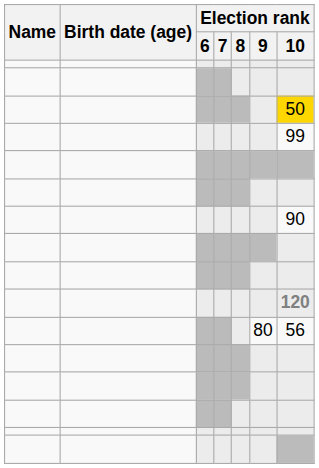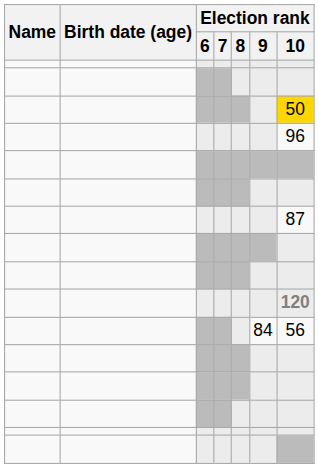 <table class="wikitable sortable"  style="text-align:center;">
 <tr>
 <th rowspan="2">Name</th>
 <th rowspan="2">Birth date (age)</th>
 <th colspan="5" class="unsortable">Election rank</th>
 </tr>
 <tr>
 <th data-sort-type="number">6</th>
 <th data-sort-type="number">7</th>
 <th data-sort-type="number">8</th>
 <th data-sort-type="number">9</th>
 <th data-sort-type="number">10</th>
 </tr>
 <tr>
 <td style="text-align:left;" data-sort-value="Aramaki, Misaki"></td>
 <td style="text-align:left;"></td>
 <td style="background:#ececec; color:gray;"></td>
 <td style="background:#ececec; color:gray;"></td>
 <td style="background:#ececec; color:gray;"></td>
 <td style="background:#ececec; color:gray;"></td>
 <td style="background:#ececec; color:gray;"></td>
 </tr>
 <tr>
 <td style="text-align:left;" data-sort-value="Imamura, Maria"></td>
 <td style="text-align:left;"></td>
 <td style="background:#bbb;"> </td>
 <td style="background:#bbb;"> </td>
 <td style="background:#ececec; color:gray;"></td>
 <td style="background:#ececec; color:gray;"></td>
 <td style="background:#ececec; color:gray;"></td>
 </tr>
 <tr>
 <td style="text-align:left;" data-sort-value="Oda, Ayaka"></td>
 <td style="text-align:left;"></td>
 <td style="background:#bbb;"> </td>
 <td style="background:#bbb;"> </td>
 <td style="background:#bbb;"> </td>
 <td style="background:#ececec; color:gray;"></td>
 <td style="background: gold;">50</td>
 </tr>
 <tr>
 <td style="text-align:left;" data-sort-value="Kurihara, Sae"></td>
 <td style="text-align:left;"></td>
 <td style="background:#ececec; color:gray;"></td>
 <td style="background:#ececec; color:gray;"></td>
 <td style="background:#ececec; color:gray;"></td>
 <td style="background:#ececec; color:gray;"></td>
-<td>99</td>
+<td>96</td>
 </tr>
 <tr>
 <td style="text-align:left;" data-sort-value="Goto, Hinano"></td>
 <td style="text-align:left;"></td>
 <td style="background:#bbb;"> </td>
 <td style="background:#bbb;"> </td>
 <td style="background:#bbb;"> </td>
 <td style="background:#bbb;"> </td>
 <td style="background:#bbb;"> </td>
 </tr>
 <tr>
 <td style="text-align:left;" data-sort-value="Sakai, Moeka"></td>
 <td style="text-align:left;"></td>
 <td style="background:#bbb;"> </td>
 <td style="background:#bbb;"> </td>
 <td style="background:#bbb;"> </td>
 <td style="background:#ececec; color:gray;"></td>
 <td style="background:#ececec; color:gray;"></td>
 </tr>
 <tr>
 <td style="text-align:left;" data-sort-value="Sakamoto, Erena"></td>
 <td style="text-align:left;"></td>
 <td style="background:#ececec; color:gray;"></td>
 <td style="background:#ececec; color:gray;"></td>
 <td style="background:#ececec; color:gray;"></td>
 <td style="background:#ececec; color:gray;"></td>
-<td>90</td>
+<td>87</td>
 </tr>
 <tr>
 <td style="text-align:left;" data-sort-value="Seki, Ai"></td>
 <td style="text-align:left;"></td>
 <td style="background:#bbb;"> </td>
 <td style="background:#bbb;"> </td>
 <td style="background:#bbb;"> </td>
 <td style="background:#bbb;"> </td>
 <td style="background:#ececec; color:gray;"></td>
 </tr>
 <tr>
 <td style="text-align:left;" data-sort-value="Takeda, Tomoka"></td>
 <td style="text-align:left;"></td>
 <td style="background:#bbb;"> </td>
 <td style="background:#bbb;"> </td>
 <td style="background:#bbb;"> </td>
 <td style="background:#ececec; color:gray;"></td>
 <td style="background:#ececec; color:gray;"></td>
 </tr>
 <tr>
 <td style="text-align:left;" data-sort-value="Hokazono, Hazuki"></td>
 <td style="text-align:left;"></td>
 <td style="background:#ececec; color:gray;"></td>
 <td style="background:#ececec; color:gray;"></td>
 <td style="background:#ececec; color:gray;"></td>
 <td style="background:#ececec; color:gray;"></td>
 <td style="background:#ececec; color:gray;"><strong>120</strong></td>
 </tr>
 <tr>
 <td style="text-align:left;" data-sort-value="Matsuoka, Hana"></td>
 <td style="text-align:left;"></td>
 <td style="background:#bbb;"> </td>
 <td style="background:#bbb;"> </td>
 <td style="background:#ececec; color:gray;"></td>
-<td>80</td>
+<td>84</td>
 <td>56</td>
 </tr>
 <tr>
 <td style="text-align:left;" data-sort-value="Matsumoto, Hinata"></td>
 <td style="text-align:left;"></td>
 <td style="background:#bbb;"> </td>
 <td style="background:#bbb;"> </td>
 <td style="background:#bbb;"> </td>
 <td style="background:#ececec; color:gray;"></td>
 <td style="background:#ececec; color:gray;"></td>
 </tr>
 <tr>
 <td style="text-align:left;" data-sort-value="Miyazaki, Sono"></td>
 <td style="text-align:left;"></td>
 <td style="background:#bbb;"> </td>
 <td style="background:#bbb;"> </td>
 <td style="background:#bbb;"> </td>
 <td style="background:#ececec; color:gray;"></td>
 <td style="background:#ececec; color:gray;"></td>
 </tr>
 <tr>
 <td style="text-align:left;" data-sort-value="Murakawa, Bibian"></td>
 <td style="text-align:left;"></td>
 <td style="background:#bbb;"> </td>
 <td style="background:#bbb;"> </td>
 <td style="background:#ececec; color:gray;"></td>
 <td style="background:#ececec; color:gray;"></td>
 <td style="background:#ececec; color:gray;"></td>
 </tr>
 <tr>
 <td style="text-align:left;" data-sort-value="Yamauchi, Yuna"></td>
 <td style="text-align:left;"></td>
 <td style="background:#ececec; color:gray;"></td>
 <td style="background:#ececec; color:gray;"></td>
 <td style="background:#ececec; color:gray;"></td>
 <td style="background:#ececec; color:gray;"></td>
 <td style="background:#ececec; color:gray;"></td>
 </tr>
 <tr>
 <td style="text-align:left;" data-sort-value="Yamashita, Emiri"></td>
 <td style="text-align:left;"></td>
 <td style="background:#ececec; color:gray;"></td>
 <td style="background:#ececec; color:gray;"></td>
 <td style="background:#ececec; color:gray;"></td>
 <td style="background:#ececec; color:gray;"></td>
 <td style="background:#bbb;"> </td>
 </tr>
 </table>
